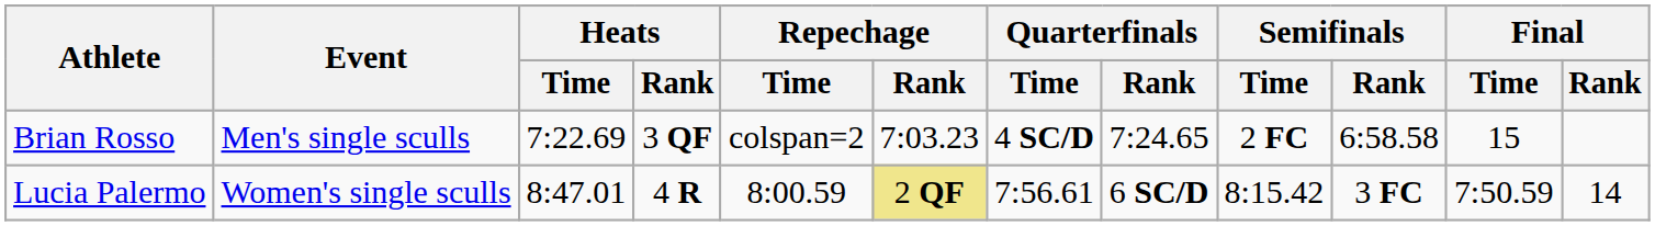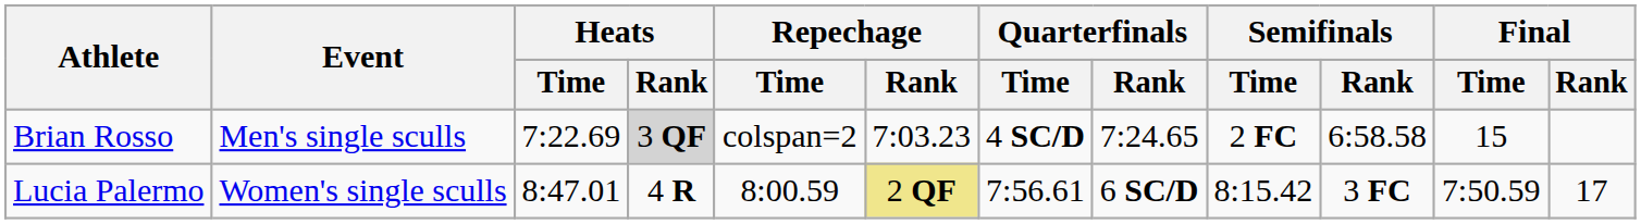 <table class="wikitable" style="font-size:90%">
 <tr>
 <th rowspan="2">Athlete</th>
 <th rowspan="2">Event</th>
 <th colspan="2">Heats</th>
 <th colspan="2">Repechage</th>
 <th colspan="2">Quarterfinals</th>
 <th colspan="2">Semifinals</th>
 <th colspan="2">Final</th>
 </tr>
 <tr style="font-size:95%">
 <th>Time</th>
 <th>Rank</th>
 <th>Time</th>
 <th>Rank</th>
 <th>Time</th>
 <th>Rank</th>
 <th>Time</th>
 <th>Rank</th>
 <th>Time</th>
 <th>Rank</th>
 </tr>
 <tr align=center>
 <td align=left><a href='#'>Brian Rosso</a></td>
 <td align=left><a href='#'>Men's single sculls</a></td>
 <td>7:22.69</td>
-<td>3 <strong>QF</strong></td>
+<td style="background: lightgrey;">3 <strong>QF</strong></td>
 <td>colspan=2 </td>
 <td>7:03.23</td>
 <td>4 <strong>SC/D</strong></td>
 <td>7:24.65</td>
 <td>2 <strong>FC</strong></td>
 <td>6:58.58</td>
 <td>15</td>
 </tr>
 <tr align=center>
 <td align=left><a href='#'>Lucia Palermo</a></td>
 <td align=left><a href='#'>Women's single sculls</a></td>
 <td>8:47.01</td>
 <td>4 <strong>R</strong></td>
 <td>8:00.59</td>
 <td style="background: khaki;">2 <strong>QF</strong></td>
 <td>7:56.61</td>
 <td>6 <strong>SC/D</strong></td>
 <td>8:15.42</td>
 <td>3 <strong>FC</strong></td>
 <td>7:50.59</td>
-<td>14</td>
+<td>17</td>
 </tr>
 </table>
